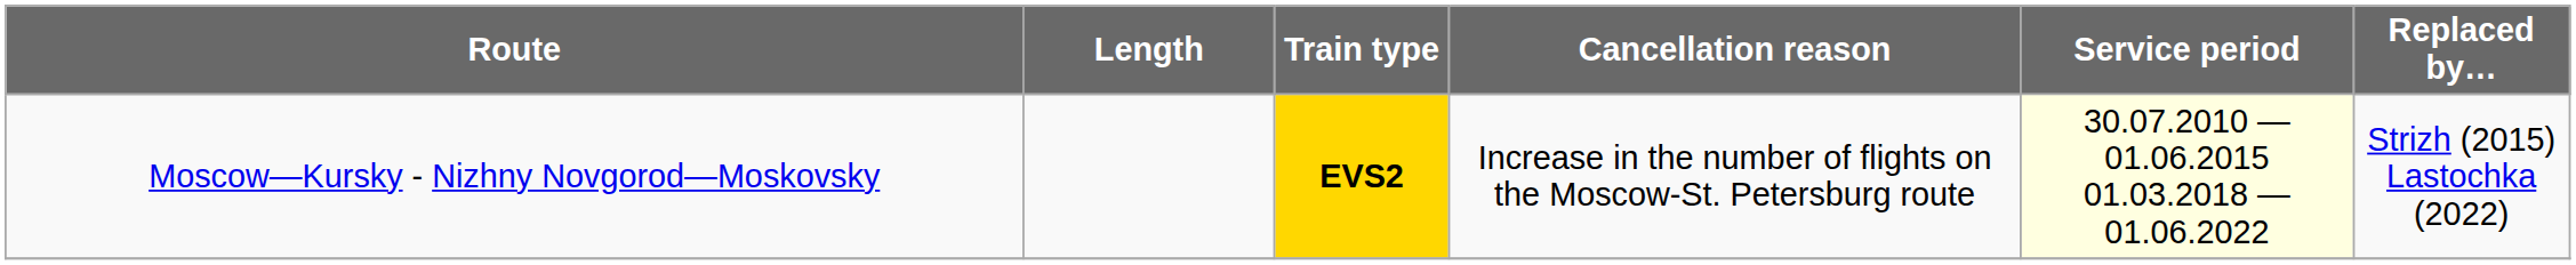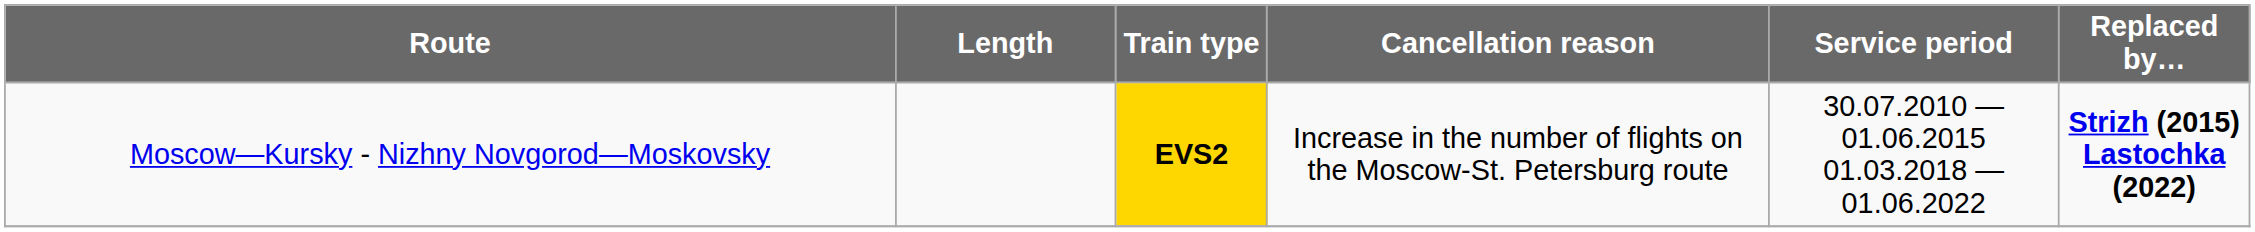 <table class="wikitable" style="text-align:center">
 <tr style="background:DimGray; color:White">
 <td width="520"><strong>Route</strong></td>
 <td width="120"><strong>Length</strong></td>
 <td width="80"><strong>Train type</strong></td>
 <td width="285"><strong>Cancellation reason</strong></td>
 <td width="160"><strong>Service period</strong></td>
 <td width="100"><strong>Replaced by…</strong></td>
 </tr>
 <tr>
 <td><a href='#'>Moscow—Kursky</a> - <a href='#'>Nizhny Novgorod—Moskovsky</a></td>
 <td></td>
 <td style="background:Gold; color:Black"><strong> EVS2 </strong></td>
 <td>Increase in the number of flights on the Moscow-St. Petersburg route</td>
-<td style="background: lightyellow;">30.07.2010 — 01.06.2015<br>01.03.2018 — 01.06.2022</td>
-<td><a href='#'>Strizh</a> (2015)<br><a href='#'>Lastochka</a> (2022)</td>
+<td>30.07.2010 — 01.06.2015<br>01.03.2018 — 01.06.2022</td>
+<td><strong><a href='#'>Strizh</a> (2015)<br><a href='#'>Lastochka</a> (2022)</strong></td>
 </tr>
 <tr>
 </tr>
 </table>
